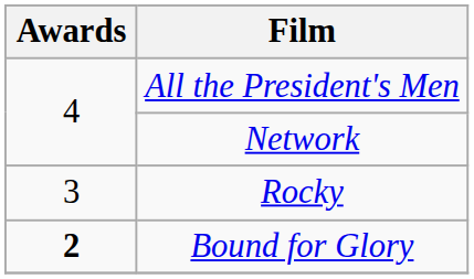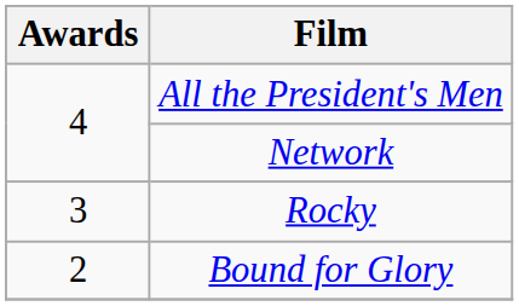 <table class="wikitable" rowspan="2" style="text-align:center;">
 <tr>
 <th scope="col" style="width:55px;">Awards</th>
 <th scope="col" style="text-align:center;">Film</th>
 </tr>
 <tr>
 <td rowspan=2, style="text-align:center">4</td>
 <td><em><a href='#'>All the President's Men</a></em></td>
 </tr>
 <tr>
 <td><em><a href='#'>Network</a></em></td>
 </tr>
 <tr>
 <td rowspan=1, style="text-align:center">3</td>
 <td><em><a href='#'>Rocky</a></em></td>
 </tr>
 <tr>
-<td rowspan=1, style="text-align:center"><strong>2</strong></td>
+<td rowspan=1, style="text-align:center">2</td>
 <td><em><a href='#'>Bound for Glory</a></em></td>
 </tr>
 <tr>
 </tr>
 </table>
